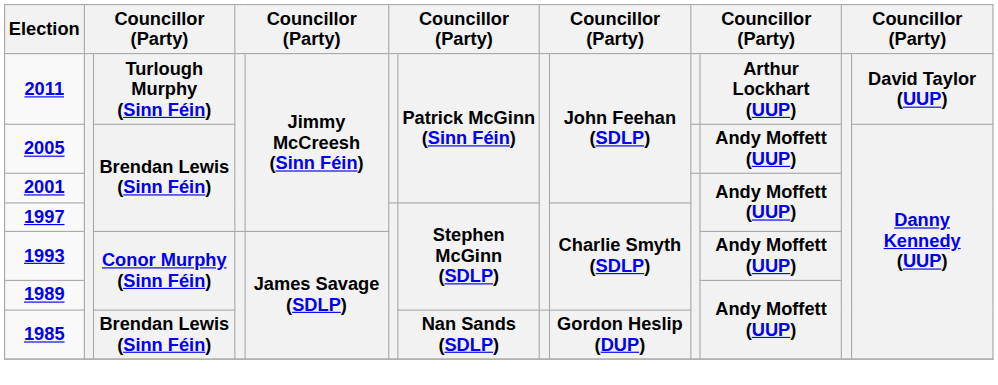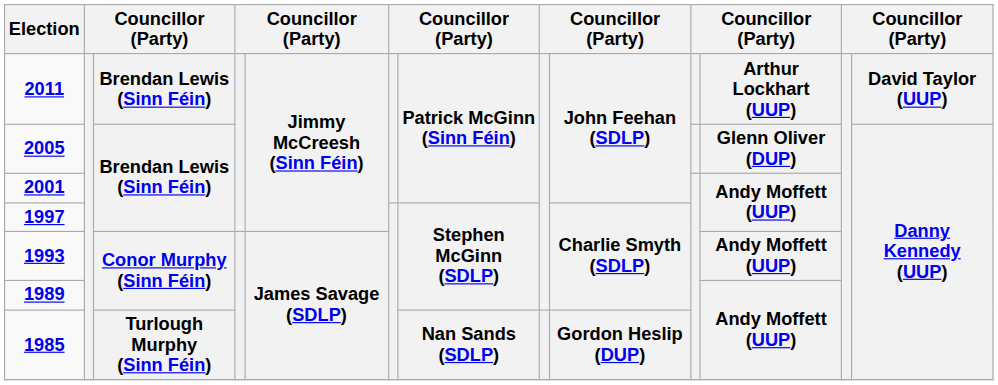 <table class="wikitable" style="text-align:center">
 <tr>
 <th scope="col" width="50">Election</th>
 <th scope="col" width="150" colspan = "2">Councillor<br> (Party)</th>
 <th scope="col" width="150" colspan = "2">Councillor<br> (Party)</th>
 <th scope="col" width="150" colspan = "2">Councillor<br> (Party)</th>
 <th scope="col" width="150" colspan = "2">Councillor<br> (Party)</th>
 <th scope="col" width="150" colspan = "2">Councillor<br> (Party)</th>
 <th scope="col" width="150" colspan = "2">Councillor<br> (Party)</th>
 </tr>
 <tr>
 <td><strong><a href='#'>2011</a></strong></td>
 <th rowspan="7" width="1" style="background-color: "></th>
-<th rowspan = "1">Turlough Murphy <br> (<a href='#'>Sinn Féin</a>)</th>
+<th rowspan = "1">Brendan Lewis <br> (<a href='#'>Sinn Féin</a>)</th>
 <th rowspan="4" width="1" style="background-color: "></th>
 <th rowspan = "4">Jimmy McCreesh <br> (<a href='#'>Sinn Féin</a>)</th>
 <th rowspan="3" width="1" style="background-color: "></th>
 <th rowspan = "3">Patrick McGinn <br> (<a href='#'>Sinn Féin</a>)</th>
 <th rowspan="6" width="1" style="background-color: "></th>
 <th rowspan = "3">John Feehan <br> (<a href='#'>SDLP</a>)</th>
 <th rowspan="1" width="1" style="background-color: "></th>
 <th rowspan = "1">Arthur Lockhart <br> (<a href='#'>UUP</a>)</th>
 <th rowspan="7" width="1" style="background-color: "></th>
 <th rowspan = "1">David Taylor <br> (<a href='#'>UUP</a>)</th>
 </tr>
 <tr>
 <td><strong><a href='#'>2005</a></strong></td>
 <th rowspan = "3">Brendan Lewis <br> (<a href='#'>Sinn Féin</a>)</th>
 <th rowspan="1" width="1" style="background-color: "></th>
-<th rowspan = "1">Andy Moffett <br> (<a href='#'>UUP</a>)</th>
+<th rowspan = "1">Glenn Oliver <br> (<a href='#'>DUP</a>)</th>
 <th rowspan = "6"><a href='#'>Danny Kennedy</a> <br> (<a href='#'>UUP</a>)</th>
 </tr>
 <tr>
 <td><strong><a href='#'>2001</a></strong></td>
 <th rowspan="5" width="1" style="background-color: "></th>
 <th rowspan = "2">Andy Moffett <br> (<a href='#'>UUP</a>)</th>
 </tr>
 <tr>
 <td><strong><a href='#'>1997</a></strong></td>
 <th rowspan="4" width="1" style="background-color: "></th>
 <th rowspan = "3">Stephen McGinn <br> (<a href='#'>SDLP</a>)</th>
 <th rowspan = "3">Charlie Smyth <br> (<a href='#'>SDLP</a>)</th>
 </tr>
 <tr>
 <td><strong><a href='#'>1993</a></strong></td>
 <th rowspan = "2"><a href='#'>Conor Murphy</a> <br> (<a href='#'>Sinn Féin</a>)</th>
 <th rowspan="3" width="1" style="background-color: "></th>
 <th rowspan = "3">James Savage <br> (<a href='#'>SDLP</a>)</th>
 <th rowspan = "1">Andy Moffett <br> (<a href='#'>UUP</a>)</th>
 </tr>
 <tr>
 <td><strong><a href='#'>1989</a></strong></td>
 <th rowspan = "2">Andy Moffett <br> (<a href='#'>UUP</a>)</th>
 </tr>
 <tr>
 <td><strong><a href='#'>1985</a></strong></td>
-<th rowspan = "1">Brendan Lewis <br> (<a href='#'>Sinn Féin</a>)</th>
+<th rowspan = "1">Turlough Murphy <br> (<a href='#'>Sinn Féin</a>)</th>
 <th rowspan = "1">Nan Sands <br> (<a href='#'>SDLP</a>)</th>
 <th rowspan="1" width="1" style="background-color: "></th>
 <th rowspan = "1">Gordon Heslip <br> (<a href='#'>DUP</a>)</th>
 </tr>
 <tr>
 </tr>
 </table>
